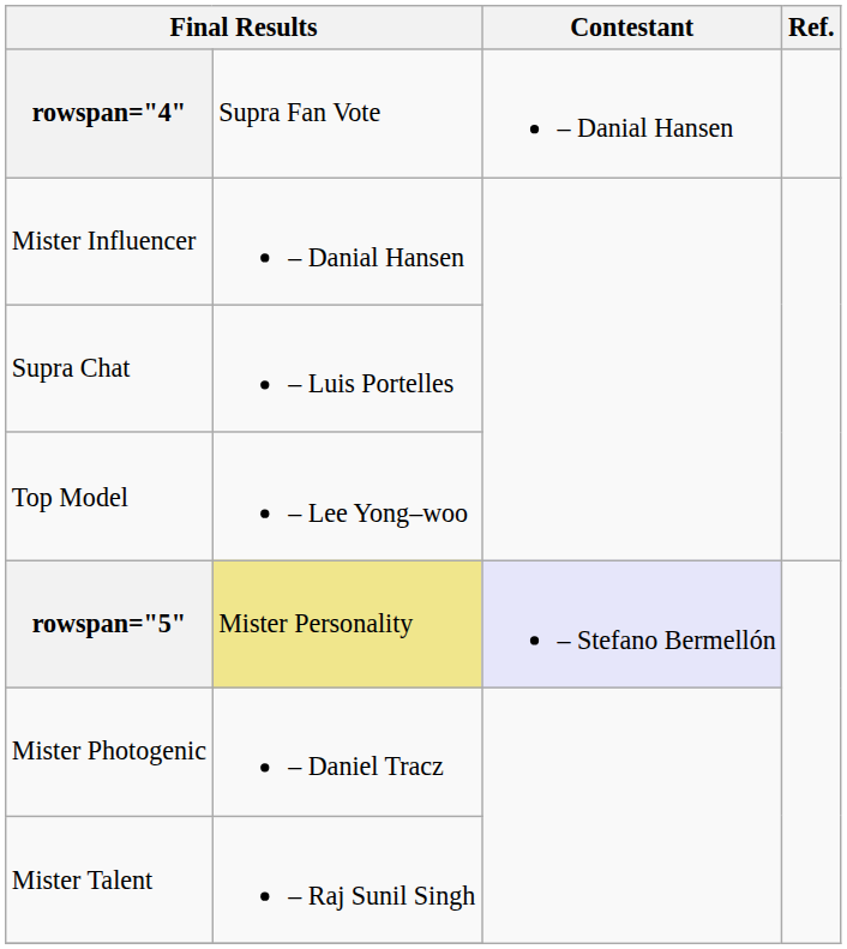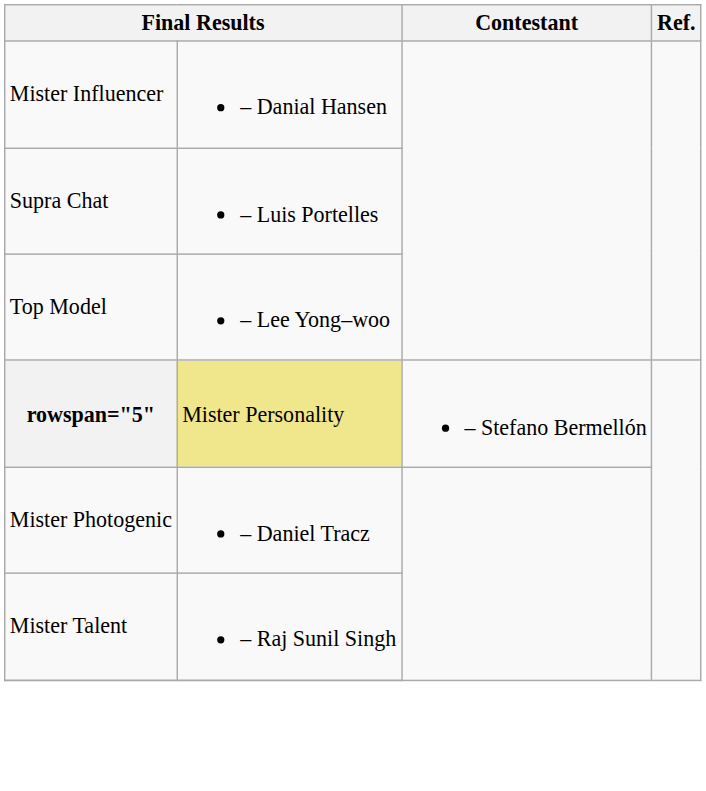 <table class="wikitable" style="font-size: 95%;">
 <tr>
 <th scope="col" colspan="2">Final Results</th>
 <th>Contestant</th>
 <th>Ref.</th>
-</tr>
-<tr>
-<th>rowspan="4" </th>
-<td>Supra Fan Vote</td>
-<td><br><ul><li> – Danial Hansen</li></ul></td>
-<td></td>
 </tr>
 <tr>
 <td>Mister Influencer</td>
 <td><br><ul><li> – Danial Hansen</li></ul></td>
 <td rowspan="3"></td>
 </tr>
 <tr>
 <td>Supra Chat</td>
 <td><br><ul><li> – Luis Portelles</li></ul></td>
 </tr>
 <tr>
 <td>Top Model</td>
 <td><br><ul><li> – Lee Yong–woo</li></ul></td>
 </tr>
 <tr>
 <th>rowspan="5" </th>
 <td style="background: khaki;">Mister Personality</td>
-<td style="background: lavender;"><br><ul><li> – Stefano Bermellón</li></ul></td>
+<td><br><ul><li> – Stefano Bermellón</li></ul></td>
 <td rowspan="5"></td>
 </tr>
 <tr>
 <td>Mister Photogenic</td>
 <td><br><ul><li> – Daniel Tracz</li></ul></td>
 </tr>
 <tr>
 <td>Mister Talent</td>
 <td><br><ul><li> – Raj Sunil Singh</li></ul></td>
 </tr>
 <tr>
 </tr>
 </table>
